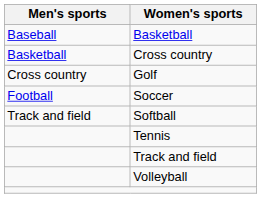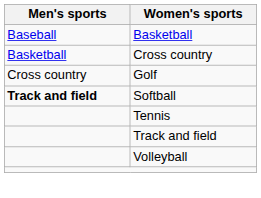 <table class= "wikitable"; style=" ">
 <tr>
 <th width=150px>Men's sports</th>
 <th width=150px>Women's sports</th>
 </tr>
 <tr>
 <td><a href='#'>Baseball</a></td>
 <td><a href='#'>Basketball</a></td>
 </tr>
 <tr>
 <td><a href='#'>Basketball</a></td>
 <td>Cross country</td>
 </tr>
 <tr>
 <td>Cross country</td>
 <td>Golf</td>
 </tr>
 <tr>
-<td><a href='#'>Football</a></td>
-<td>Soccer</td>
-</tr>
-<tr>
-<td>Track and field</td>
+<td><strong>Track and field</strong></td>
 <td>Softball</td>
 </tr>
 <tr>
 <td></td>
 <td>Tennis</td>
 </tr>
 <tr>
 <td></td>
 <td>Track and field</td>
 </tr>
 <tr>
 <td></td>
 <td>Volleyball </td>
 </tr>
 <tr>
 <td colspan="2"></td>
 </tr>
 </table>
